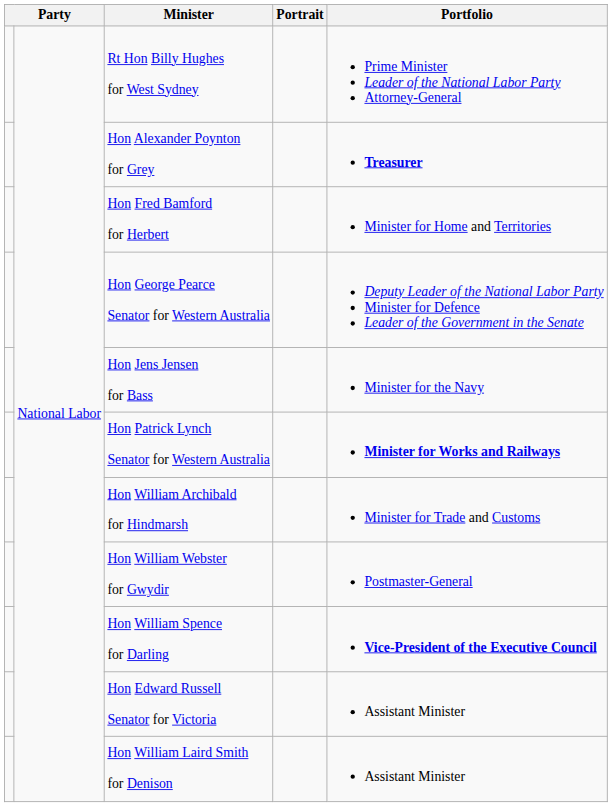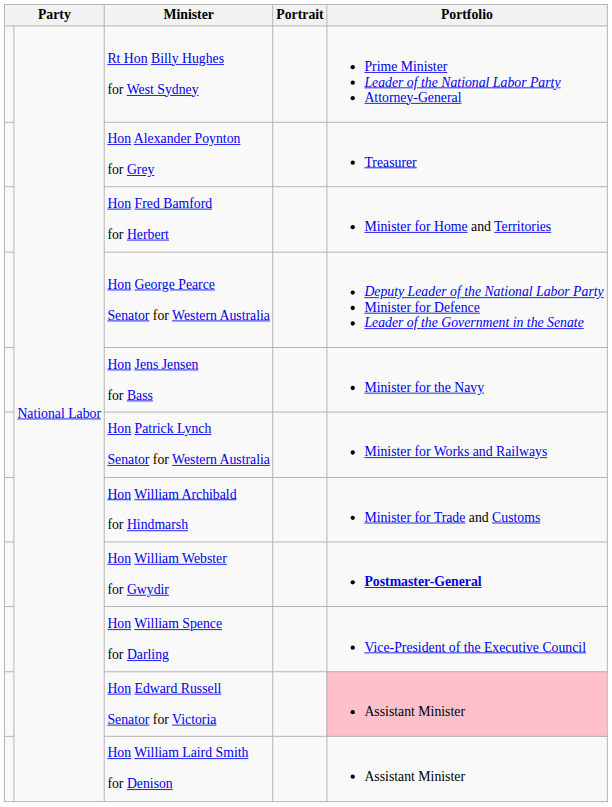 <table class="wikitable sortable">
 <tr>
 <th colspan="2">Party</th>
 <th>Minister</th>
 <th>Portrait</th>
 <th>Portfolio</th>
 </tr>
 <tr>
 <td> </td>
 <td rowspan=11><a href='#'>National Labor</a></td>
 <td><a href='#'>Rt Hon</a> <a href='#'>Billy Hughes</a>  <br><br> for <a href='#'>West Sydney</a> <br></td>
 <td></td>
 <td><br><ul><li><a href='#'>Prime Minister</a></li><li><em><a href='#'>Leader of the National Labor Party</a></em></li><li><a href='#'>Attorney-General</a></li></ul></td>
 </tr>
 <tr>
 <td> </td>
 <td><a href='#'>Hon</a> <a href='#'>Alexander Poynton</a> <br><br> for <a href='#'>Grey</a> <br></td>
 <td></td>
-<td><strong><br><ul><li><a href='#'>Treasurer</a></li></ul></strong></td>
+<td><br><ul><li><a href='#'>Treasurer</a></li></ul></td>
 </tr>
 <tr>
 <td> </td>
 <td><a href='#'>Hon</a> <a href='#'>Fred Bamford</a> <br><br> for <a href='#'>Herbert</a> <br></td>
 <td></td>
 <td><br><ul><li><a href='#'>Minister for Home</a> and <a href='#'>Territories</a></li></ul></td>
 </tr>
 <tr>
 <td> </td>
 <td><a href='#'>Hon</a> <a href='#'>George Pearce</a> <br><br><a href='#'>Senator</a> for <a href='#'>Western Australia</a> <br></td>
 <td></td>
 <td><br><ul><li><em><a href='#'>Deputy Leader of the National Labor Party</a></em></li><li><a href='#'>Minister for Defence</a></li><li><em><a href='#'>Leader of the Government in the Senate</a></em></li></ul></td>
 </tr>
 <tr>
 <td> </td>
 <td><a href='#'>Hon</a> <a href='#'>Jens Jensen</a> <br><br> for <a href='#'>Bass</a> <br></td>
 <td></td>
 <td><br><ul><li><a href='#'>Minister for the Navy</a></li></ul></td>
 </tr>
 <tr>
 <td> </td>
 <td><a href='#'>Hon</a> <a href='#'>Patrick Lynch</a> <br><br><a href='#'>Senator</a> for <a href='#'>Western Australia</a> <br></td>
 <td></td>
-<td><strong><br><ul><li><a href='#'>Minister for Works and Railways</a></li></ul></strong></td>
+<td><br><ul><li><a href='#'>Minister for Works and Railways</a></li></ul></td>
 </tr>
 <tr>
 <td> </td>
 <td><a href='#'>Hon</a> <a href='#'>William Archibald</a> <br><br> for <a href='#'>Hindmarsh</a> <br></td>
 <td></td>
 <td><br><ul><li><a href='#'>Minister for Trade</a> and <a href='#'>Customs</a></li></ul></td>
 </tr>
 <tr>
 <td> </td>
 <td><a href='#'>Hon</a> <a href='#'>William Webster</a> <br><br> for <a href='#'>Gwydir</a> <br></td>
 <td></td>
-<td><br><ul><li><a href='#'>Postmaster-General</a></li></ul></td>
+<td><strong><br><ul><li><a href='#'>Postmaster-General</a></li></ul></strong></td>
 </tr>
 <tr>
 <td> </td>
 <td><a href='#'>Hon</a> <a href='#'>William Spence</a> <br><br> for <a href='#'>Darling</a> <br></td>
 <td></td>
-<td><strong><br><ul><li><a href='#'>Vice-President of the Executive Council</a></li></ul></strong></td>
+<td><br><ul><li><a href='#'>Vice-President of the Executive Council</a></li></ul></td>
 </tr>
 <tr>
 <td> </td>
 <td><a href='#'>Hon</a> <a href='#'>Edward Russell</a> <br><br><a href='#'>Senator</a> for <a href='#'>Victoria</a> <br></td>
 <td></td>
-<td><br><ul><li>Assistant Minister</li></ul></td>
+<td style="background: pink;"><br><ul><li>Assistant Minister</li></ul></td>
 </tr>
 <tr>
 <td> </td>
 <td><a href='#'>Hon</a> <a href='#'>William Laird Smith</a> <br><br> for <a href='#'>Denison</a> <br></td>
 <td></td>
 <td><br><ul><li>Assistant Minister</li></ul></td>
 </tr>
 </table>
